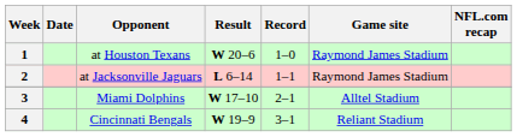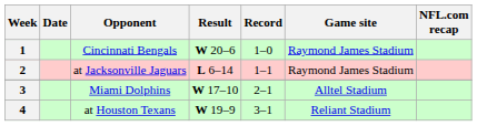 <table class="wikitable" style="font-size: 95%; text-align:center">
 <tr>
 <th>Week</th>
 <th>Date</th>
 <th>Opponent</th>
 <th>Result</th>
 <th>Record</th>
 <th>Game site</th>
 <th>NFL.com<br>recap</th>
 </tr>
 <tr style="background: #cfc;">
 <th align="center">1</th>
 <td align="center"></td>
-<td>at <a href='#'>Houston Texans</a></td>
+<td><a href='#'>Cincinnati Bengals</a> </td>
 <td align="center"><strong>W</strong> 20–6</td>
 <td align="center">1–0</td>
 <td align="center"><a href='#'>Raymond James Stadium</a></td>
 <td align="center"></td>
 </tr>
 <tr style="background: #fcc;">
 <th align="center">2</th>
 <td align="center"></td>
 <td>at <a href='#'>Jacksonville Jaguars</a></td>
 <td align="center"><strong>L</strong> 6–14</td>
 <td align="center">1–1</td>
 <td align="center">Raymond James Stadium</td>
 <td align="center"></td>
 </tr>
 <tr>
 </tr>
 <tr style="background: #cfc;">
 <th align="center">3</th>
 <td align="center"></td>
 <td><a href='#'>Miami Dolphins</a></td>
 <td align="center"><strong>W</strong> 17–10</td>
 <td align="center">2–1</td>
 <td align="center"><a href='#'>Alltel Stadium</a></td>
 <td align="center"></td>
 </tr>
 <tr style="background: #cfc;">
 <th align="center">4</th>
 <td align="center"></td>
-<td><a href='#'>Cincinnati Bengals</a> </td>
+<td>at <a href='#'>Houston Texans</a></td>
 <td align="center"><strong>W</strong> 19–9</td>
 <td align="center">3–1</td>
 <td align="center"><a href='#'>Reliant Stadium</a></td>
 <td align="center"></td>
 </tr>
 </table>
